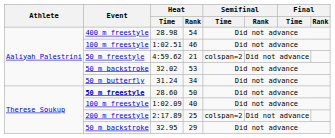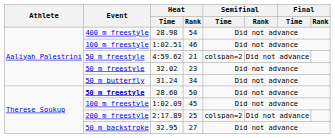 <table class=wikitable style=font-size:90%>
 <tr>
 <th rowspan=2>Athlete</th>
 <th rowspan=2>Event</th>
 <th colspan=2>Heat</th>
 <th colspan=2>Semifinal</th>
 <th colspan=2>Final</th>
 </tr>
 <tr style=font-size:95%>
 <th>Time</th>
 <th>Rank</th>
 <th>Time</th>
 <th>Rank</th>
 <th>Time</th>
 <th>Rank</th>
 </tr>
 <tr align=center>
 <td align=left rowspan=5><a href='#'>Aaliyah Palestrini</a></td>
 <td align=left rowspan="1"><a href='#'>400 m freestyle</a></td>
 <td>28.98</td>
 <td>54</td>
 <td colspan=4>Did not advance</td>
 </tr>
 <tr align=center>
 <td align=left rowspan="1"><a href='#'>100 m freestyle</a></td>
 <td>1:02.51</td>
 <td>46</td>
 <td colspan=4>Did not advance</td>
 </tr>
 <tr align=center>
 <td align=left rowspan="1"><a href='#'>50 m freestyle</a></td>
 <td>4:59.62</td>
 <td>21</td>
 <td>colspan=2 </td>
 <td colspan=2>Did not advance</td>
 </tr>
 <tr align=center>
-<td align=left rowspan="1"><a href='#'>50 m backstroke</a></td>
+<td align=left rowspan="1"><a href='#'>50 m freestyle</a></td>
 <td>32.02</td>
-<td>53</td>
+<td>23</td>
 <td colspan=4>Did not advance</td>
 </tr>
 <tr align=center>
 <td align=left rowspan="1"><a href='#'>50 m butterfly</a></td>
 <td>31.24</td>
 <td>34</td>
 <td colspan=4>Did not advance</td>
 </tr>
 <tr align=center>
 <td align=left rowspan=4><a href='#'>Therese Soukup</a></td>
 <td align=left rowspan="1"><strong><a href='#'>50 m freestyle</a></strong></td>
 <td>28.60</td>
 <td>50</td>
 <td colspan=4>Did not advance</td>
 </tr>
 <tr align=center>
 <td align=left rowspan="1"><a href='#'>100 m freestyle</a></td>
 <td>1:02.09</td>
-<td>40</td>
+<td>45</td>
 <td colspan=4>Did not advance</td>
 </tr>
 <tr align=center>
 <td align=left rowspan="1"><a href='#'>200 m freestyle</a></td>
 <td>2:17.89</td>
 <td>25</td>
 <td>colspan=2 </td>
 <td colspan=2>Did not advance</td>
 </tr>
 <tr align=center>
 <td align=left rowspan="1"><a href='#'>50 m backstroke</a></td>
 <td>32.95</td>
-<td>29</td>
+<td>27</td>
 <td colspan=4>Did not advance</td>
 </tr>
 </table>
